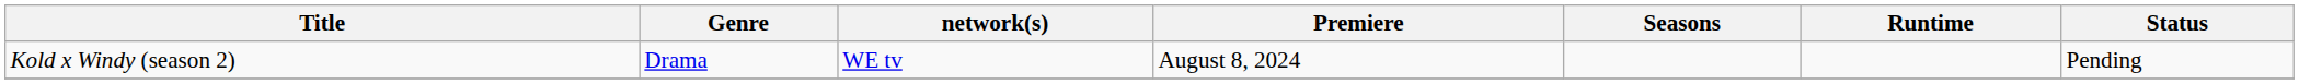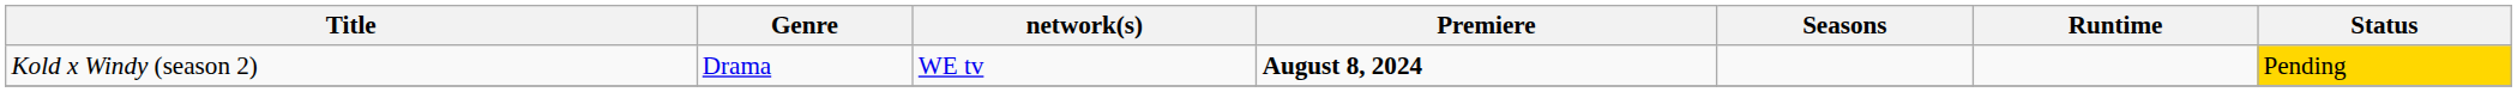 <table class="wikitable sortable" style="width:100%;">
 <tr>
 <th>Title</th>
 <th>Genre</th>
 <th> network(s)</th>
 <th>Premiere</th>
 <th>Seasons</th>
 <th>Runtime</th>
 <th>Status</th>
 </tr>
 <tr>
 <td><em>Kold x Windy</em> (season 2)</td>
 <td><a href='#'>Drama</a></td>
 <td><a href='#'>WE tv</a></td>
-<td>August 8, 2024</td>
+<td><strong>August 8, 2024</strong></td>
 <td></td>
 <td></td>
-<td>Pending</td>
+<td style="background: gold;">Pending</td>
 </tr>
 <tr>
 </tr>
 </table>
